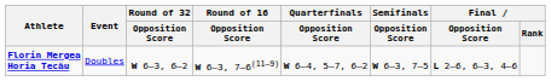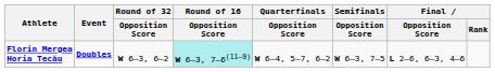 <table class=wikitable style="font-size:90%">
 <tr>
 <th rowspan=2>Athlete</th>
 <th rowspan=2>Event</th>
 <th>Round of 32</th>
 <th>Round of 16</th>
 <th>Quarterfinals</th>
 <th>Semifinals</th>
 <th colspan=2>Final / </th>
 </tr>
 <tr style="font-size:95%">
 <th>Opposition<br>Score</th>
 <th>Opposition<br>Score</th>
 <th>Opposition<br>Score</th>
 <th>Opposition<br>Score</th>
 <th>Opposition<br>Score</th>
 <th>Rank</th>
 </tr>
 <tr align=center>
 <td align=left><strong><a href='#'>Florin Mergea</a><br><a href='#'>Horia Tecău</a></strong></td>
-<td align=left><a href='#'>Doubles</a></td>
+<td align=left><strong><a href='#'>Doubles</a></strong></td>
 <td><br><strong>W</strong> 6–3, 6–2</td>
-<td><br><strong>W</strong> 6–3, 7–6<sup>(11–9)</sup></td>
+<td style="background: paleturquoise;"><br><strong>W</strong> 6–3, 7–6<sup>(11–9)</sup></td>
 <td><br><strong>W</strong> 6–4, 5–7, 6–2</td>
 <td><br><strong>W</strong> 6–3, 7–5</td>
 <td><br><strong>L</strong> 2–6, 6–3, 4–6</td>
 <td></td>
 </tr>
 </table>
